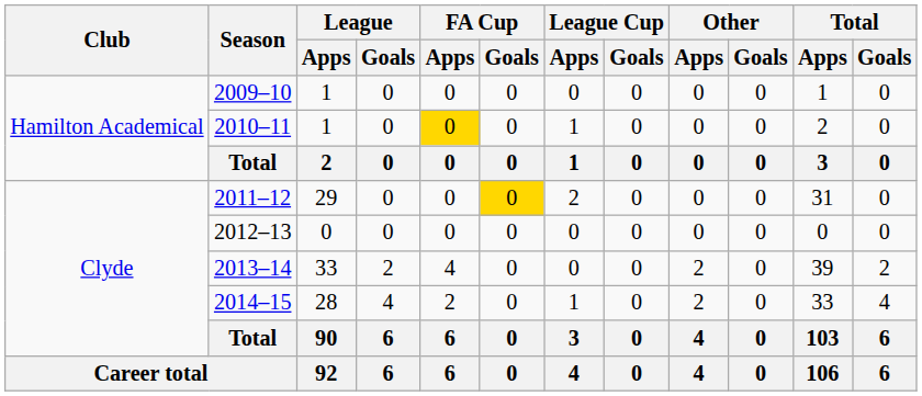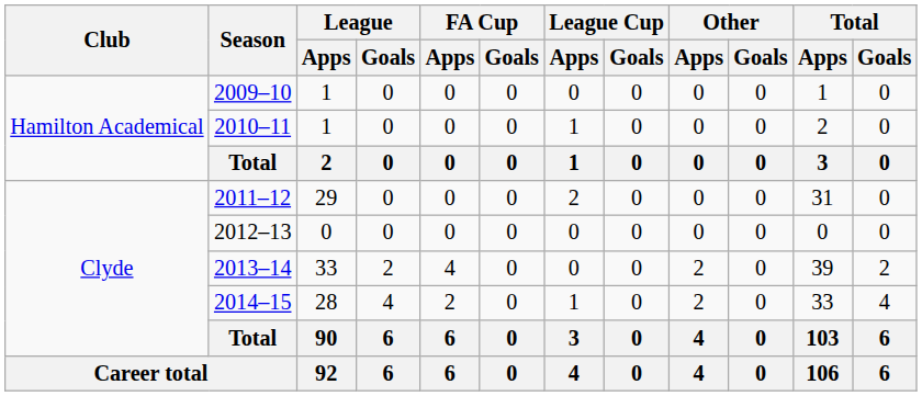 <table class="wikitable" style="text-align: center;">
 <tr>
 <th rowspan="2">Club</th>
 <th rowspan="2">Season</th>
 <th colspan="2">League</th>
 <th colspan="2">FA Cup</th>
 <th colspan="2">League Cup</th>
 <th colspan="2">Other</th>
 <th colspan="2">Total</th>
 </tr>
 <tr>
 <th>Apps</th>
 <th>Goals</th>
 <th>Apps</th>
 <th>Goals</th>
 <th>Apps</th>
 <th>Goals</th>
 <th>Apps</th>
 <th>Goals</th>
 <th>Apps</th>
 <th>Goals</th>
 </tr>
 <tr>
 <td rowspan="3" valign="center"><a href='#'>Hamilton Academical</a></td>
 <td><a href='#'>2009–10</a></td>
 <td>1</td>
 <td>0</td>
 <td>0</td>
 <td>0</td>
 <td>0</td>
 <td>0</td>
 <td>0</td>
 <td>0</td>
 <td>1</td>
 <td>0</td>
 </tr>
 <tr>
 <td><a href='#'>2010–11</a></td>
 <td>1</td>
 <td>0</td>
-<td style="background: gold;">0</td>
+<td>0</td>
 <td>0</td>
 <td>1</td>
 <td>0</td>
 <td>0</td>
 <td>0</td>
 <td>2</td>
 <td>0</td>
 </tr>
 <tr>
 <th>Total</th>
 <th>2</th>
 <th>0</th>
 <th>0</th>
 <th>0</th>
 <th>1</th>
 <th>0</th>
 <th>0</th>
 <th>0</th>
 <th>3</th>
 <th>0</th>
 </tr>
 <tr>
 <td rowspan="5" valign="center"><a href='#'>Clyde</a></td>
 <td><a href='#'>2011–12</a></td>
 <td>29</td>
 <td>0</td>
 <td>0</td>
-<td style="background: gold;">0</td>
+<td>0</td>
 <td>2</td>
 <td>0</td>
 <td>0</td>
 <td>0</td>
 <td>31</td>
 <td>0</td>
 </tr>
 <tr>
 <td>2012–13</td>
 <td>0</td>
 <td>0</td>
 <td>0</td>
 <td>0</td>
 <td>0</td>
 <td>0</td>
 <td>0</td>
 <td>0</td>
 <td>0</td>
 <td>0</td>
 </tr>
 <tr>
 <td><a href='#'>2013–14</a></td>
 <td>33</td>
 <td>2</td>
 <td>4</td>
 <td>0</td>
 <td>0</td>
 <td>0</td>
 <td>2</td>
 <td>0</td>
 <td>39</td>
 <td>2</td>
 </tr>
 <tr>
 <td><a href='#'>2014–15</a></td>
 <td>28</td>
 <td>4</td>
 <td>2</td>
 <td>0</td>
 <td>1</td>
 <td>0</td>
 <td>2</td>
 <td>0</td>
 <td>33</td>
 <td>4</td>
 </tr>
 <tr>
 <th>Total</th>
 <th>90</th>
 <th>6</th>
 <th>6</th>
 <th>0</th>
 <th>3</th>
 <th>0</th>
 <th>4</th>
 <th>0</th>
 <th>103</th>
 <th>6</th>
 </tr>
 <tr>
 <th colspan="2">Career total</th>
 <th>92</th>
 <th>6</th>
 <th>6</th>
 <th>0</th>
 <th>4</th>
 <th>0</th>
 <th>4</th>
 <th>0</th>
 <th>106</th>
 <th>6</th>
 </tr>
 </table>
